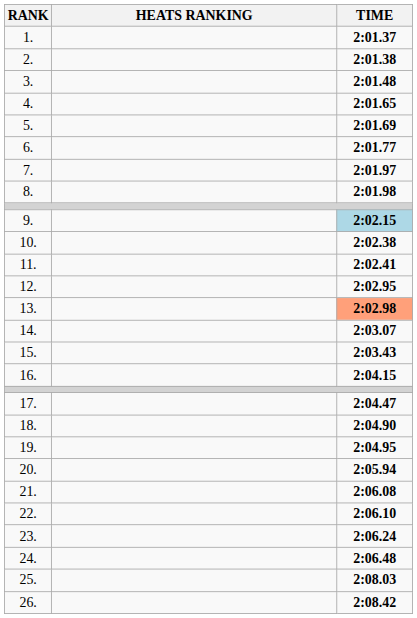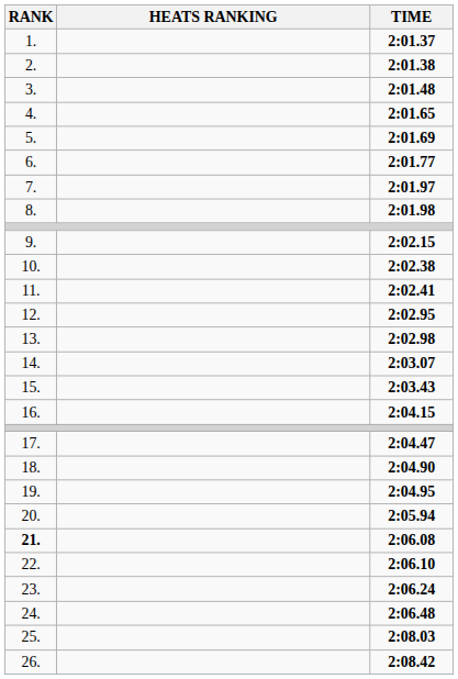 <table class="wikitable">
 <tr>
 <th>RANK</th>
 <th style="width: 20em">HEATS RANKING</th>
 <th style="width: 5em">TIME</th>
 </tr>
 <tr>
 <td align="center">1.</td>
 <td></td>
 <td align="center"><strong>2:01.37</strong></td>
 </tr>
 <tr>
 <td align="center">2.</td>
 <td></td>
 <td align="center"><strong>2:01.38</strong></td>
 </tr>
 <tr>
 <td align="center">3.</td>
 <td></td>
 <td align="center"><strong>2:01.48</strong></td>
 </tr>
 <tr>
 <td align="center">4.</td>
 <td></td>
 <td align="center"><strong>2:01.65</strong></td>
 </tr>
 <tr>
 <td align="center">5.</td>
 <td></td>
 <td align="center"><strong>2:01.69</strong></td>
 </tr>
 <tr>
 <td align="center">6.</td>
 <td></td>
 <td align="center"><strong>2:01.77</strong></td>
 </tr>
 <tr>
 <td align="center">7.</td>
 <td></td>
 <td align="center"><strong>2:01.97</strong></td>
 </tr>
 <tr>
 <td align="center">8.</td>
 <td></td>
 <td align="center"><strong>2:01.98</strong></td>
 </tr>
 <tr>
 <td colspan=3 bgcolor=lightgray></td>
 </tr>
 <tr>
 <td align="center">9.</td>
 <td></td>
-<td align="center" style="background: lightblue;"><strong>2:02.15</strong></td>
+<td align="center"><strong>2:02.15</strong></td>
 </tr>
 <tr>
 <td align="center">10.</td>
 <td></td>
 <td align="center"><strong>2:02.38</strong></td>
 </tr>
 <tr>
 <td align="center">11.</td>
 <td></td>
 <td align="center"><strong>2:02.41</strong></td>
 </tr>
 <tr>
 <td align="center">12.</td>
 <td></td>
 <td align="center"><strong>2:02.95</strong></td>
 </tr>
 <tr>
 <td align="center">13.</td>
 <td></td>
-<td align="center" style="background: lightsalmon;"><strong>2:02.98</strong></td>
+<td align="center"><strong>2:02.98</strong></td>
 </tr>
 <tr>
 <td align="center">14.</td>
 <td></td>
 <td align="center"><strong>2:03.07</strong></td>
 </tr>
 <tr>
 <td align="center">15.</td>
 <td></td>
 <td align="center"><strong>2:03.43</strong></td>
 </tr>
 <tr>
 <td align="center">16.</td>
 <td></td>
 <td align="center"><strong>2:04.15</strong></td>
 </tr>
 <tr>
 <td colspan=3 bgcolor=lightgray></td>
 </tr>
 <tr>
 <td align="center">17.</td>
 <td></td>
 <td align="center"><strong>2:04.47</strong></td>
 </tr>
 <tr>
 <td align="center">18.</td>
 <td></td>
 <td align="center"><strong>2:04.90</strong></td>
 </tr>
 <tr>
 <td align="center">19.</td>
 <td></td>
 <td align="center"><strong>2:04.95</strong></td>
 </tr>
 <tr>
 <td align="center">20.</td>
 <td></td>
 <td align="center"><strong>2:05.94</strong></td>
 </tr>
 <tr>
-<td align="center">21.</td>
+<td align="center"><strong>21.</strong></td>
 <td></td>
 <td align="center"><strong>2:06.08</strong></td>
 </tr>
 <tr>
 <td align="center">22.</td>
 <td></td>
 <td align="center"><strong>2:06.10</strong></td>
 </tr>
 <tr>
 <td align="center">23.</td>
 <td></td>
 <td align="center"><strong>2:06.24</strong></td>
 </tr>
 <tr>
 <td align="center">24.</td>
 <td></td>
 <td align="center"><strong>2:06.48</strong></td>
 </tr>
 <tr>
 <td align="center">25.</td>
 <td></td>
 <td align="center"><strong>2:08.03</strong></td>
 </tr>
 <tr>
 <td align="center">26.</td>
 <td></td>
 <td align="center"><strong>2:08.42</strong></td>
 </tr>
 </table>
